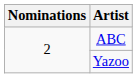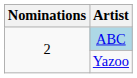 <table class="wikitable" rowspan="2" style="text-align:center;">
 <tr>
 <th scope="col" style="width:55px;">Nominations</th>
 <th scope="col" style="text-align:center;">Artist</th>
 </tr>
 <tr>
 <td rowspan="2">2</td>
-<td><a href='#'>ABC</a></td>
+<td style="background: lightblue;"><a href='#'>ABC</a></td>
 </tr>
 <tr>
 <td><a href='#'>Yazoo</a></td>
 </tr>
 </table>
